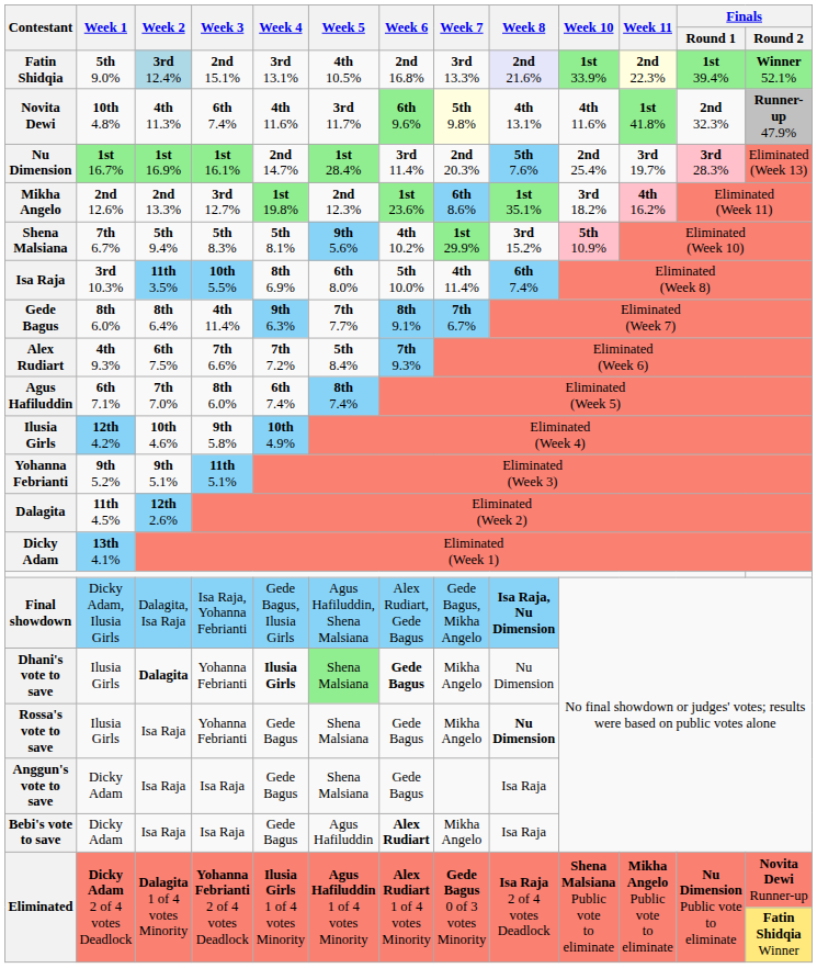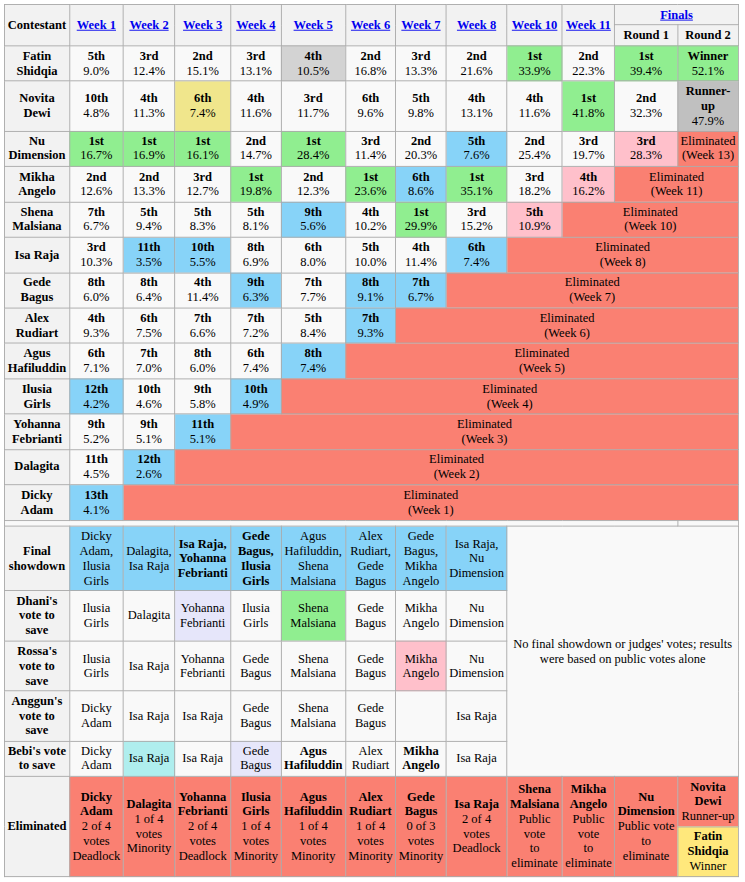 <table class="wikitable" style="text-align:center; font-size:85%">
 <tr>
 <th style="width:12%" rowspan=2 scope="col">Contestant</th>
 <th style="width:7%" rowspan=2 scope="col"><a href='#'>Week 1</a></th>
 <th style="width:7%" rowspan=2 scope="col"><a href='#'>Week 2</a></th>
 <th style="width:7%" rowspan=2 scope="col"><a href='#'>Week 3</a></th>
 <th style="width:7%" rowspan=2 scope="col"><a href='#'>Week 4</a></th>
 <th style="width:7%" rowspan=2 scope="col"><a href='#'>Week 5</a></th>
 <th style="width:7%" rowspan=2 scope="col"><a href='#'>Week 6</a></th>
 <th style="width:7%" rowspan=2 scope="col"><a href='#'>Week 7</a></th>
 <th style="width:7%" rowspan=2 scope="col"><a href='#'>Week 8</a></th>
 <th style="width:7%" rowspan=2 scope="col"><a href='#'>Week 10</a></th>
 <th style="width:7%" rowspan=2 scope="col"><a href='#'>Week 11</a></th>
 <th colspan="2"><a href='#'>Finals</a></th>
 </tr>
 <tr>
 <th style="width:7%">Round 1</th>
 <th style="width:7%">Round 2</th>
 </tr>
 <tr>
 <th scope="row">Fatin Shidqia</th>
 <td><strong>5th</strong><br>9.0%</td>
-<td style="background: lightblue;"><strong>3rd</strong><br>12.4%</td>
+<td><strong>3rd</strong><br>12.4%</td>
 <td><strong>2nd</strong><br>15.1%</td>
 <td><strong>3rd</strong><br>13.1%</td>
-<td><strong>4th</strong><br>10.5%</td>
+<td style="background: lightgrey;"><strong>4th</strong><br>10.5%</td>
 <td><strong>2nd</strong><br>16.8%</td>
 <td><strong>3rd</strong><br>13.3%</td>
-<td style="background: lavender;"><strong>2nd</strong><br>21.6%</td>
+<td><strong>2nd</strong><br>21.6%</td>
 <td style="background:lightgreen"><strong>1st</strong><br>33.9%</td>
-<td style="background: lightyellow;"><strong>2nd</strong><br>22.3%</td>
+<td><strong>2nd</strong><br>22.3%</td>
 <td style="background:lightgreen"><strong>1st</strong><br>39.4%</td>
 <td style="background:lightgreen"><strong>Winner</strong><br>52.1%</td>
 </tr>
 <tr>
 <th scope="row">Novita Dewi</th>
 <td><strong>10th</strong><br>4.8%</td>
 <td><strong>4th</strong><br>11.3%</td>
-<td><strong>6th</strong><br>7.4%</td>
+<td style="background: khaki;"><strong>6th</strong><br>7.4%</td>
 <td><strong>4th</strong><br>11.6%</td>
 <td><strong>3rd</strong><br>11.7%</td>
-<td style="background: lightgreen;"><strong>6th</strong><br>9.6%</td>
-<td style="background: lightyellow;"><strong>5th</strong><br>9.8%</td>
+<td><strong>6th</strong><br>9.6%</td>
+<td><strong>5th</strong><br>9.8%</td>
 <td><strong>4th</strong><br>13.1%</td>
 <td><strong>4th</strong><br>11.6%</td>
 <td style="background:lightgreen"><strong>1st</strong><br>41.8%</td>
 <td><strong>2nd</strong><br>32.3%</td>
 <td style="background:silver"><strong>Runner-up</strong><br>47.9%</td>
 </tr>
 <tr>
 <th scope="row">Nu Dimension</th>
 <td style="background:lightgreen"><strong>1st</strong><br>16.7%</td>
 <td style="background:lightgreen"><strong>1st</strong><br>16.9%</td>
 <td style="background:lightgreen"><strong>1st</strong><br>16.1%</td>
 <td><strong>2nd</strong><br>14.7%</td>
 <td style="background:lightgreen"><strong>1st</strong><br>28.4%</td>
 <td><strong>3rd</strong><br>11.4%</td>
 <td><strong>2nd</strong><br>20.3%</td>
 <td style="background:#87D3F8"><strong>5th</strong><br>7.6%</td>
 <td><strong>2nd</strong><br>25.4%</td>
 <td><strong>3rd</strong><br>19.7%</td>
 <td style="background:pink"><strong>3rd</strong><br>28.3%</td>
 <td style="background:#FA8072" colspan="9">Eliminated<br>(Week 13)</td>
 </tr>
 <tr>
 <th scope="row">Mikha Angelo</th>
 <td><strong>2nd</strong><br>12.6%</td>
 <td><strong>2nd</strong><br>13.3%</td>
 <td><strong>3rd</strong><br>12.7%</td>
 <td style="background:lightgreen"><strong>1st</strong><br>19.8%</td>
 <td><strong>2nd</strong><br>12.3%</td>
 <td style="background:lightgreen"><strong>1st</strong><br>23.6%</td>
 <td style="background:#87D3F8"><strong>6th</strong><br>8.6%</td>
 <td style="background:lightgreen"><strong>1st</strong><br>35.1%</td>
 <td><strong>3rd</strong><br>18.2%</td>
 <td style="background:pink"><strong>4th</strong><br>16.2%</td>
 <td style="background:#FA8072" colspan="9">Eliminated<br>(Week 11)</td>
 </tr>
 <tr>
 <th scope="row">Shena Malsiana</th>
 <td><strong>7th</strong><br>6.7%</td>
 <td><strong>5th</strong><br>9.4%</td>
 <td><strong>5th</strong><br>8.3%</td>
 <td><strong>5th</strong><br>8.1%</td>
 <td style="background:#87D3F8"><strong>9th</strong><br>5.6%</td>
 <td><strong>4th</strong><br>10.2%</td>
 <td style="background:lightgreen"><strong>1st</strong><br>29.9%</td>
 <td><strong>3rd</strong><br>15.2%</td>
 <td style="background:pink"><strong>5th</strong><br>10.9%</td>
 <td style="background:#FA8072" colspan="9">Eliminated<br>(Week 10)</td>
 </tr>
 <tr>
 <th scope="row">Isa Raja</th>
 <td><strong>3rd</strong><br>10.3%</td>
 <td style="background:#87D3F8"><strong>11th</strong><br>3.5%</td>
 <td style="background:#87D3F8"><strong>10th</strong><br>5.5%</td>
 <td><strong>8th</strong><br>6.9%</td>
 <td><strong>6th</strong><br>8.0%</td>
 <td><strong>5th</strong><br>10.0%</td>
 <td><strong>4th</strong><br>11.4%</td>
 <td style="background:#87D3F8"><strong>6th</strong> <br>7.4%</td>
 <td style="background:#FA8072" colspan="9">Eliminated<br>(Week 8)</td>
 </tr>
 <tr>
 <th scope="row">Gede Bagus</th>
 <td><strong>8th</strong><br>6.0%</td>
 <td><strong>8th</strong><br>6.4%</td>
 <td><strong>4th</strong><br>11.4%</td>
 <td style="background:#87D3F8"><strong>9th</strong><br>6.3%</td>
 <td><strong>7th</strong><br>7.7%</td>
 <td style="background:#87D3F8"><strong>8th</strong><br>9.1%</td>
 <td style="background:#87D3F8"><strong>7th</strong> <br>6.7%</td>
 <td style="background:#FA8072" colspan="9">Eliminated<br>(Week 7)</td>
 </tr>
 <tr>
 <th scope="row">Alex Rudiart</th>
 <td><strong>4th</strong><br>9.3%</td>
 <td><strong>6th</strong><br>7.5%</td>
 <td><strong>7th</strong><br>6.6%</td>
 <td><strong>7th</strong><br>7.2%</td>
 <td><strong>5th</strong><br>8.4%</td>
 <td style="background:#87D3F8"><strong>7th</strong> <br>9.3%</td>
 <td style="background:#FA8072" colspan="9">Eliminated<br>(Week 6)</td>
 </tr>
 <tr>
 <th scope="row">Agus Hafiluddin</th>
 <td><strong>6th</strong><br>7.1%</td>
 <td><strong>7th</strong><br>7.0%</td>
 <td><strong>8th</strong><br>6.0%</td>
 <td><strong>6th</strong><br>7.4%</td>
 <td style="background:#87D3F8"><strong>8th</strong><br>7.4%</td>
 <td style="background:#FA8072" colspan="9">Eliminated<br>(Week 5)</td>
 </tr>
 <tr>
 <th scope="row">Ilusia Girls</th>
 <td style="background:#87D3F8"><strong>12th</strong> <br>4.2%</td>
 <td><strong>10th</strong><br>4.6%</td>
 <td><strong>9th</strong><br>5.8%</td>
 <td style="background:#87D3F8"><strong>10th</strong> <br>4.9%</td>
 <td style="background:#FA8072" colspan="8">Eliminated<br>(Week 4)</td>
 </tr>
 <tr>
 <th scope="row">Yohanna Febrianti</th>
 <td><strong>9th</strong><br>5.2%</td>
 <td><strong>9th</strong><br>5.1%</td>
 <td style="background:#87D3F8"><strong>11th</strong><br>5.1%</td>
 <td style="background:#FA8072" colspan="9">Eliminated<br>(Week 3)</td>
 </tr>
 <tr>
 <th scope="row">Dalagita</th>
 <td><strong>11th</strong><br>4.5%</td>
 <td style="background:#87D3F8"><strong>12th</strong><br>2.6%</td>
 <td style="background:#FA8072" colspan="10">Eliminated<br>(Week 2)</td>
 </tr>
 <tr>
 <th scope="row">Dicky Adam</th>
 <td style="background:#87D3F8"><strong>13th</strong><br>4.1%</td>
 <td style="background:#FA8072" colspan="11">Eliminated<br>(Week 1)</td>
 </tr>
 <tr>
 <td colspan="12"></td>
 </tr>
 <tr>
 <th scope="row"><strong>Final showdown</strong></th>
 <td style="background:#87D3F8">Dicky Adam,<br>Ilusia Girls</td>
 <td style="background:#87D3F8">Dalagita,<br>Isa Raja</td>
-<td style="background:#87D3F8">Isa Raja,<br>Yohanna Febrianti</td>
-<td style="background:#87D3F8">Gede Bagus,<br>Ilusia Girls</td>
+<td style="background:#87D3F8"><strong>Isa Raja,<br>Yohanna Febrianti</strong></td>
+<td style="background:#87D3F8"><strong>Gede Bagus,<br>Ilusia Girls</strong></td>
 <td style="background:#87D3F8">Agus Hafiluddin,<br>Shena Malsiana</td>
 <td style="background:#87D3F8">Alex Rudiart,<br>Gede Bagus</td>
 <td style="background:#87D3F8">Gede Bagus,<br>Mikha Angelo</td>
-<td style="background:#87D3F8"><strong>Isa Raja,<br>Nu Dimension</strong></td>
+<td style="background:#87D3F8">Isa Raja,<br>Nu Dimension</td>
 <td rowspan="5" colspan="5">No final showdown or judges' votes; results were based on public votes alone</td>
 </tr>
 <tr>
 <th scope="row">Dhani's vote to save</th>
 <td>Ilusia Girls</td>
-<td><strong>Dalagita</strong></td>
-<td>Yohanna Febrianti</td>
-<td><strong>Ilusia Girls</strong></td>
+<td>Dalagita</td>
+<td style="background: lavender;">Yohanna Febrianti</td>
+<td>Ilusia Girls</td>
 <td style="background: lightgreen;">Shena Malsiana</td>
-<td><strong>Gede Bagus</strong></td>
+<td>Gede Bagus</td>
 <td>Mikha Angelo</td>
 <td>Nu Dimension</td>
 </tr>
 <tr>
 <th scope="row">Rossa's vote to save</th>
 <td>Ilusia Girls</td>
 <td>Isa Raja</td>
 <td>Yohanna Febrianti</td>
 <td>Gede Bagus</td>
 <td>Shena Malsiana</td>
 <td>Gede Bagus</td>
-<td>Mikha Angelo</td>
-<td><strong>Nu Dimension</strong></td>
+<td style="background: pink;">Mikha Angelo</td>
+<td>Nu Dimension</td>
 </tr>
 <tr>
 <th scope="row">Anggun's vote to save</th>
 <td>Dicky Adam</td>
 <td>Isa Raja</td>
 <td>Isa Raja</td>
 <td>Gede Bagus</td>
 <td>Shena Malsiana</td>
 <td>Gede Bagus</td>
 <td></td>
 <td>Isa Raja</td>
 </tr>
 <tr>
 <th scope="row">Bebi's vote to save</th>
 <td>Dicky Adam</td>
+<td style="background: paleturquoise;">Isa Raja</td>
 <td>Isa Raja</td>
-<td>Isa Raja</td>
-<td>Gede Bagus</td>
-<td>Agus Hafiluddin</td>
-<td><strong>Alex Rudiart</strong></td>
-<td>Mikha Angelo</td>
+<td style="background: lavender;">Gede Bagus</td>
+<td><strong>Agus Hafiluddin</strong></td>
+<td>Alex Rudiart</td>
+<td><strong>Mikha Angelo</strong></td>
 <td>Isa Raja</td>
 </tr>
 <tr>
 <th scope="row" rowspan="6">Eliminated</th>
 <td style="background:#FA8072" rowspan="6"><strong>Dicky Adam</strong><br>2 of 4 votes<br>Deadlock</td>
 <td style="background:#FA8072" rowspan="6"><strong>Dalagita</strong><br>1 of 4 votes<br>Minority</td>
 <td style="background:#FA8072" rowspan="6"><strong>Yohanna Febrianti</strong><br>2 of 4 votes<br>Deadlock</td>
 <td style="background:#FA8072" rowspan="6"><strong>Ilusia Girls</strong><br>1 of 4 votes<br>Minority</td>
 <td style="background:#FA8072" rowspan="6"><strong>Agus Hafiluddin</strong><br>1 of 4 votes<br>Minority</td>
 <td style="background:#FA8072" rowspan="6"><strong>Alex Rudiart</strong><br>1 of 4 votes<br>Minority</td>
 <td style="background:#FA8072" rowspan="6"><strong>Gede Bagus</strong><br>0 of 3 votes<br>Minority</td>
 <td style="background:#FA8072" rowspan="6"><strong>Isa Raja</strong><br>2 of 4 votes<br>Deadlock</td>
 <td style="background:#FA8072" rowspan="6"><strong>Shena Malsiana</strong><br>Public vote<br>to eliminate</td>
 <td style="background:#FA8072" rowspan="6"><strong>Mikha Angelo</strong><br>Public vote<br>to eliminate</td>
 <td style="background:#FA8072" rowspan="6"><strong>Nu Dimension</strong><br>Public vote<br>to eliminate</td>
 <td style="background:#FA8072"><strong>Novita Dewi</strong><br>Runner-up</td>
 </tr>
 <tr>
 <td style="background:#FFE87C"><strong>Fatin Shidqia</strong><br>Winner</td>
 </tr>
 </table>
